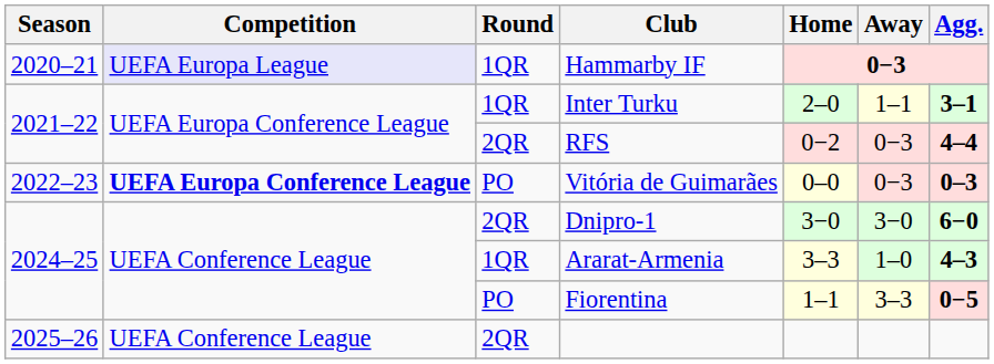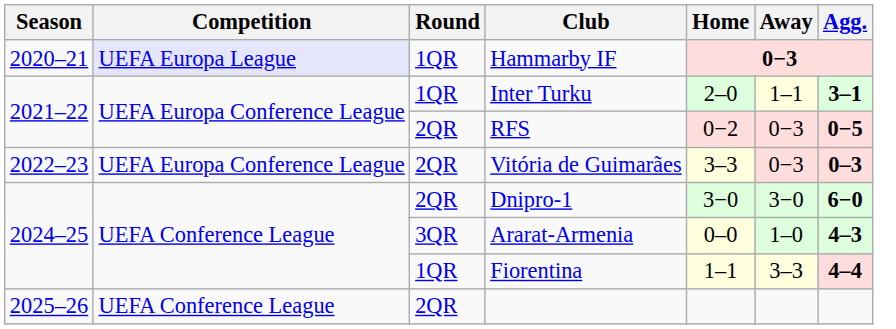 <table class="wikitable">
 <tr>
 <th>Season</th>
 <th>Competition</th>
 <th>Round</th>
 <th>Club</th>
 <th>Home</th>
 <th>Away</th>
 <th><a href='#'>Agg.</a></th>
 </tr>
 <tr>
 <td><a href='#'>2020–21</a></td>
 <td style="background: lavender;"><a href='#'>UEFA Europa League</a></td>
 <td><a href='#'>1QR</a></td>
 <td> <a href='#'>Hammarby IF</a></td>
 <td colspan="3" style="text-align:center; background:#fdd;"><strong>0−3</strong></td>
 </tr>
 <tr>
 <td rowspan="2"><a href='#'>2021–22</a></td>
 <td rowspan="2"><a href='#'>UEFA Europa Conference League</a></td>
 <td><a href='#'>1QR</a></td>
 <td> <a href='#'>Inter Turku</a></td>
 <td bgcolor="#ddffdd" style="text-align:center;">2–0</td>
 <td bgcolor="#ffffdd" style="text-align:center;">1–1</td>
 <td bgcolor="#ddffdd" style="text-align:center;"><strong>3–1</strong></td>
 </tr>
 <tr>
 <td><a href='#'>2QR</a></td>
 <td> <a href='#'>RFS</a></td>
 <td style="text-align:center; background:#fdd;">0−2</td>
 <td style="text-align:center; background:#fdd;">0−3</td>
-<td style="text-align:center; background:#fdd;"><strong>4–4 </strong></td>
+<td style="text-align:center; background:#fdd;"><strong>0−5</strong></td>
 </tr>
 <tr>
 <td><a href='#'>2022–23</a></td>
-<td><strong><a href='#'>UEFA Europa Conference League</a></strong></td>
-<td><a href='#'>PO</a></td>
+<td><a href='#'>UEFA Europa Conference League</a></td>
+<td><a href='#'>2QR</a></td>
 <td> <a href='#'>Vitória de Guimarães</a></td>
-<td bgcolor="#ffffdd" style="text-align:center;">0–0</td>
+<td bgcolor="#ffffdd" style="text-align:center;">3–3</td>
 <td style="text-align:center; background:#fdd;">0−3</td>
 <td style="text-align:center; background:#fdd;"><strong>0–3</strong></td>
 </tr>
 <tr>
 <td rowspan="3"><a href='#'>2024–25</a></td>
 <td rowspan="3"><a href='#'>UEFA Conference League</a></td>
 <td><a href='#'>2QR</a></td>
 <td> <a href='#'>Dnipro-1</a></td>
 <td bgcolor="#ddffdd" style="text-align:center;">3−0 </td>
 <td bgcolor="#ddffdd" style="text-align:center;">3−0 </td>
 <td bgcolor="#ddffdd" style="text-align:center;"><strong>6−0</strong></td>
 </tr>
 <tr>
-<td><a href='#'>1QR</a></td>
+<td><a href='#'>3QR</a></td>
 <td> <a href='#'>Ararat-Armenia</a></td>
-<td bgcolor="#ffffdd" style="text-align:center;">3–3</td>
+<td bgcolor="#ffffdd" style="text-align:center;">0–0</td>
 <td bgcolor="#ddffdd" style="text-align:center;">1–0</td>
 <td style="text-align:center; background:#ddffdd;"><strong>4–3</strong></td>
 </tr>
 <tr>
-<td><a href='#'>PO</a></td>
+<td><a href='#'>1QR</a></td>
 <td> <a href='#'>Fiorentina</a></td>
 <td bgcolor="#ffffdd" style="text-align:center;">1–1 </td>
 <td bgcolor="#ffffdd" style="text-align:center;">3–3</td>
-<td style="text-align:center; background:#fdd;"><strong>0−5</strong></td>
+<td style="text-align:center; background:#fdd;"><strong>4–4 </strong></td>
 </tr>
 <tr>
 <td><a href='#'>2025–26</a></td>
 <td><a href='#'>UEFA Conference League</a></td>
 <td><a href='#'>2QR</a></td>
 <td></td>
 <td style="text-align:center;"></td>
 <td style="text-align:center;"></td>
 <td style="text-align:center;"></td>
 </tr>
 </table>
